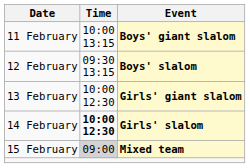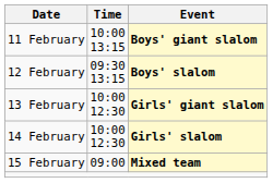 <table class=wikitable>
 <tr>
 <th>Date</th>
 <th>Time</th>
 <th>Event</th>
 </tr>
 <tr>
 <td>11 February</td>
 <td>10:00<br>13:15</td>
 <td style=background:lemonchiffon><strong>Boys' giant slalom</strong></td>
 </tr>
 <tr>
 <td>12 February</td>
 <td>09:30<br>13:15</td>
 <td style=background:lemonchiffon><strong>Boys' slalom</strong></td>
 </tr>
 <tr>
 <td>13 February</td>
 <td>10:00<br>12:30</td>
 <td style=background:lemonchiffon><strong>Girls' giant slalom</strong></td>
 </tr>
 <tr>
 <td>14 February</td>
-<td><strong>10:00<br>12:30</strong></td>
+<td>10:00<br>12:30</td>
 <td style=background:lemonchiffon><strong>Girls' slalom</strong></td>
 </tr>
 <tr>
 <td>15 February</td>
-<td style="background: lightgrey;">09:00</td>
+<td>09:00</td>
 <td style=background:lemonchiffon><strong>Mixed team</strong></td>
 </tr>
 <tr>
 <td colspan=3></td>
 </tr>
 </table>
